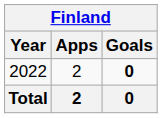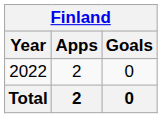 <table class=wikitable style=text-align:center>
 <tr>
 <th colspan=4><a href='#'>Finland</a></th>
 </tr>
 <tr>
 <th>Year</th>
 <th>Apps</th>
 <th>Goals</th>
 </tr>
 <tr>
 <td>2022</td>
 <td>2</td>
-<td><strong>0</strong></td>
+<td>0</td>
 </tr>
 <tr>
 <th colspan=1>Total</th>
 <th>2</th>
 <th>0</th>
 </tr>
 </table>
